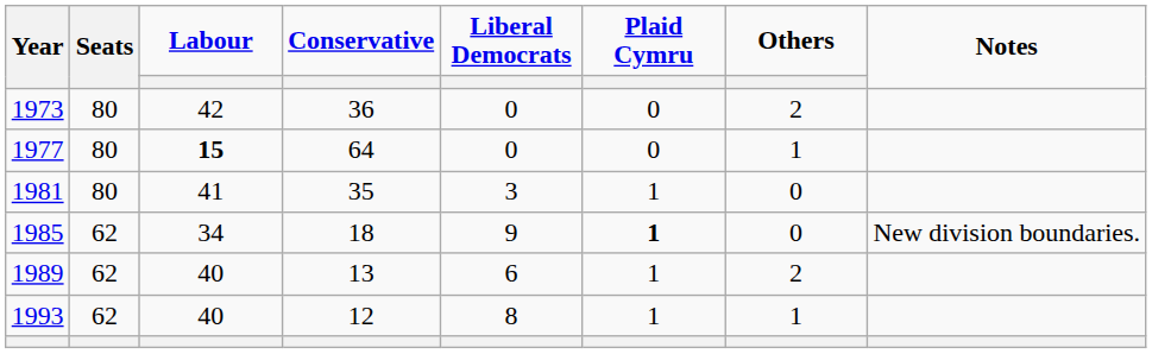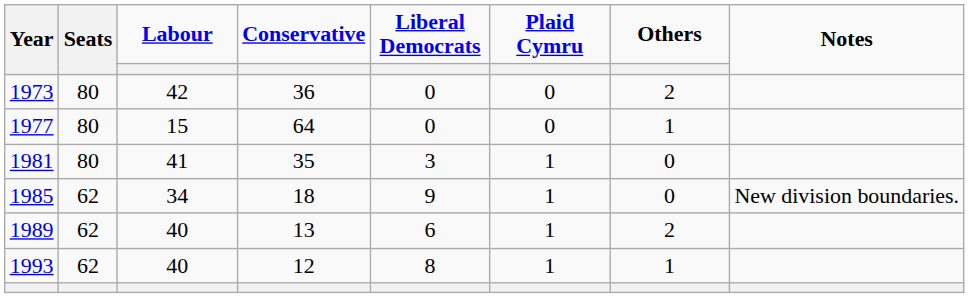 <table class="wikitable" style=text-align:center>
 <tr>
 <th rowspan=2><strong>Year</strong></th>
 <th rowspan=2><strong>Seats</strong></th>
 <td width="80"><a href='#'><strong>Labour</strong></a></td>
 <td width="80"><a href='#'><strong>Conservative</strong></a></td>
 <td width="80"><a href='#'><strong>Liberal Democrats</strong></a></td>
 <td width="80"><strong><a href='#'>Plaid Cymru</a></strong></td>
 <td width="80"><strong>Others</strong></td>
 <td rowspan=2><strong>Notes</strong></td>
 </tr>
 <tr>
 <th style="background-color: "></th>
 <th style="background-color: "></th>
 <th style="background-color: "></th>
 <th style="background-color: "></th>
 <th style="background-color: "></th>
 </tr>
 <tr>
 <td><a href='#'>1973</a></td>
 <td>80</td>
 <td>42</td>
 <td>36</td>
 <td>0</td>
 <td>0</td>
 <td>2</td>
 <td></td>
 </tr>
 <tr>
 <td><a href='#'>1977</a></td>
 <td>80</td>
-<td><strong>15</strong></td>
+<td>15</td>
 <td>64</td>
 <td>0</td>
 <td>0</td>
 <td>1</td>
 <td></td>
 </tr>
 <tr>
 <td><a href='#'>1981</a></td>
 <td>80</td>
 <td>41</td>
 <td>35</td>
 <td>3</td>
 <td>1</td>
 <td>0</td>
 <td></td>
 </tr>
 <tr>
 <td><a href='#'>1985</a></td>
 <td>62</td>
 <td>34</td>
 <td>18</td>
 <td>9</td>
-<td><strong>1</strong></td>
+<td>1</td>
 <td>0</td>
 <td>New division boundaries.</td>
 </tr>
 <tr>
 <td><a href='#'>1989</a></td>
 <td>62</td>
 <td>40</td>
 <td>13</td>
 <td>6</td>
 <td>1</td>
 <td>2</td>
 <td></td>
 </tr>
 <tr>
 <td><a href='#'>1993</a></td>
 <td>62</td>
 <td>40</td>
 <td>12</td>
 <td>8</td>
 <td>1</td>
 <td>1</td>
 <td></td>
 </tr>
 <tr>
 <th></th>
 <th></th>
 <th style="background-color: "></th>
 <th style="background-color: "></th>
 <th style="background-color: "></th>
 <th style="background-color: "></th>
 <th style="background-color: "></th>
 <th></th>
 </tr>
 </table>
